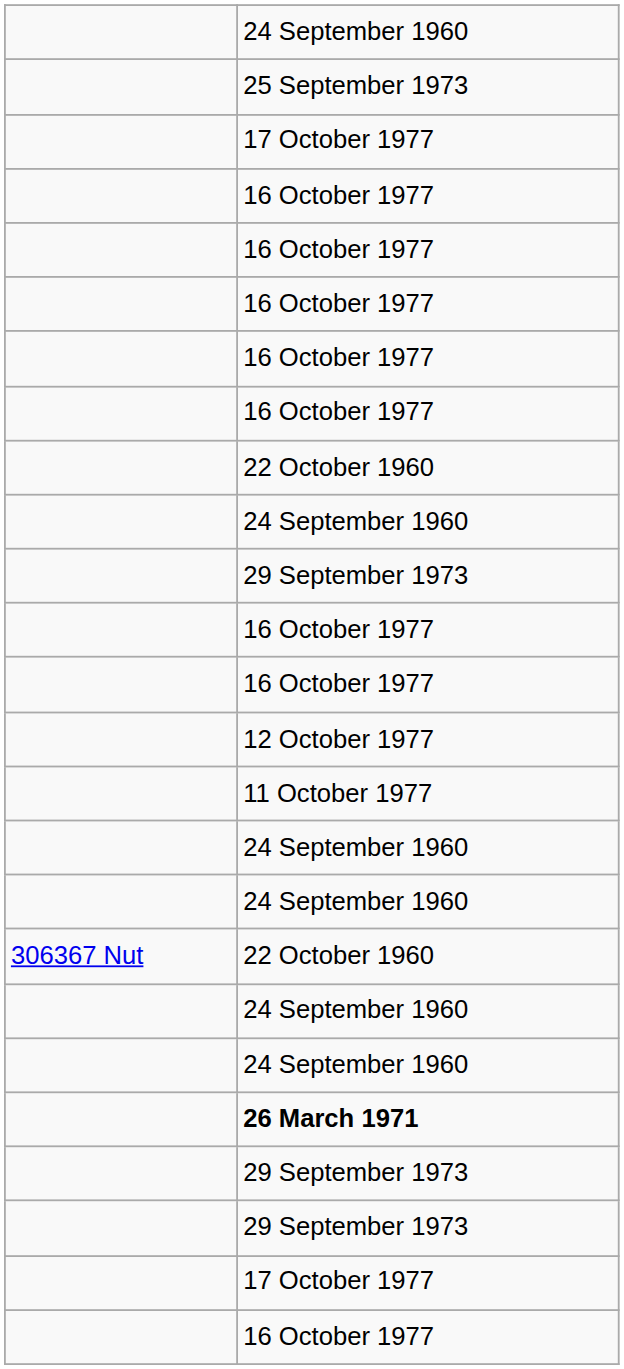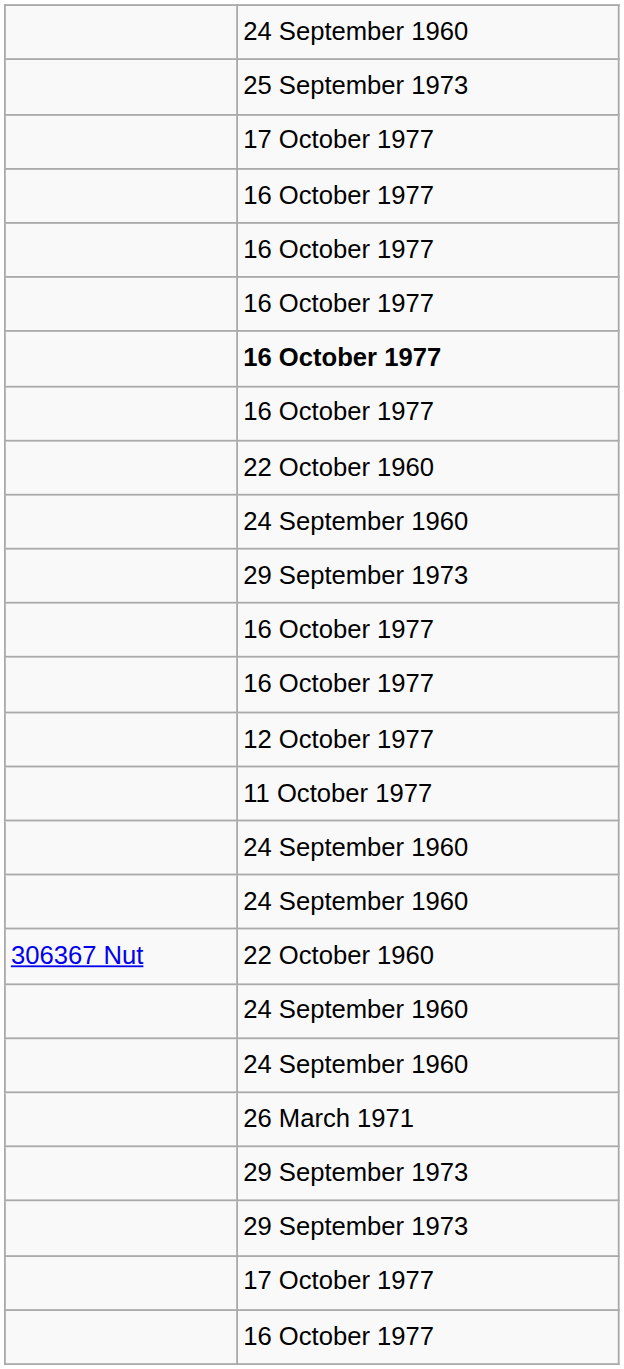 <table class="wikitable" style="font-size: 89%; float: left; width: 24em; margin-right: 1em; line-height: 1.65em">
 <tr>
 <td></td>
 <td>24 September 1960</td>
 </tr>
 <tr>
 <td></td>
 <td>25 September 1973</td>
 </tr>
 <tr>
 <td></td>
 <td>17 October 1977</td>
 </tr>
 <tr>
 <td></td>
 <td>16 October 1977</td>
 </tr>
 <tr>
 <td></td>
 <td>16 October 1977</td>
 </tr>
 <tr>
 <td></td>
 <td>16 October 1977</td>
 </tr>
 <tr>
 <td></td>
-<td>16 October 1977</td>
+<td><strong>16 October 1977</strong></td>
 </tr>
 <tr>
 <td></td>
 <td>16 October 1977</td>
 </tr>
 <tr>
 <td></td>
 <td>22 October 1960</td>
 </tr>
 <tr>
 <td></td>
 <td>24 September 1960</td>
 </tr>
 <tr>
 <td></td>
 <td>29 September 1973</td>
 </tr>
 <tr>
 <td></td>
 <td>16 October 1977</td>
 </tr>
 <tr>
 <td></td>
 <td>16 October 1977</td>
 </tr>
 <tr>
 <td></td>
 <td>12 October 1977</td>
 </tr>
 <tr>
 <td></td>
 <td>11 October 1977</td>
 </tr>
 <tr>
 <td></td>
 <td>24 September 1960</td>
 </tr>
 <tr>
 <td></td>
 <td>24 September 1960</td>
 </tr>
 <tr>
 <td><a href='#'>306367 Nut</a></td>
 <td>22 October 1960</td>
 </tr>
 <tr>
 <td></td>
 <td>24 September 1960</td>
 </tr>
 <tr>
 <td></td>
 <td>24 September 1960</td>
 </tr>
 <tr>
 <td></td>
-<td><strong>26 March 1971</strong></td>
+<td>26 March 1971</td>
 </tr>
 <tr>
 <td></td>
 <td>29 September 1973</td>
 </tr>
 <tr>
 <td></td>
 <td>29 September 1973</td>
 </tr>
 <tr>
 <td></td>
 <td>17 October 1977</td>
 </tr>
 <tr>
 <td></td>
 <td>16 October 1977</td>
 </tr>
 </table>
